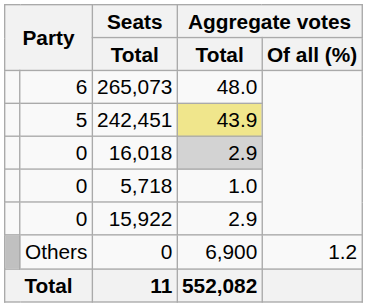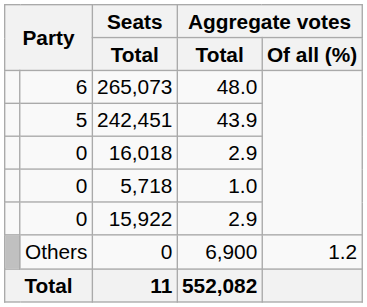 <table class="wikitable" style="text-align:right; font-size:95%;">
 <tr>
 <th colspan="2" rowspan="2">Party</th>
 <th>Seats</th>
 <th colspan="2">Aggregate votes</th>
 </tr>
 <tr>
 <th>Total</th>
 <th>Total</th>
 <th>Of all (%)</th>
 </tr>
 <tr>
 <td></td>
 <td>6</td>
 <td>265,073</td>
 <td>48.0</td>
 </tr>
 <tr>
 <td></td>
 <td>5</td>
 <td>242,451</td>
-<td style="background: khaki;">43.9</td>
+<td>43.9</td>
 </tr>
 <tr>
 <td></td>
 <td>0</td>
 <td>16,018</td>
-<td style="background: lightgrey;">2.9</td>
+<td>2.9</td>
 </tr>
 <tr>
 <td></td>
 <td>0</td>
 <td>5,718</td>
 <td>1.0</td>
 </tr>
 <tr>
 <td></td>
 <td>0</td>
 <td>15,922</td>
 <td>2.9</td>
 </tr>
 <tr>
 <td style="background:silver;"> </td>
 <td align=left>Others</td>
 <td>0</td>
 <td>6,900</td>
 <td>1.2</td>
 </tr>
 <tr>
 <th colspan="2" style="background:#f2f2f2"><strong>Total</strong></th>
 <td style="background:#f2f2f2;"><strong>11</strong></td>
 <td style="background:#f2f2f2;"><strong>552,082</strong></td>
 <td style="background:#f2f2f2;"></td>
 </tr>
 </table>
